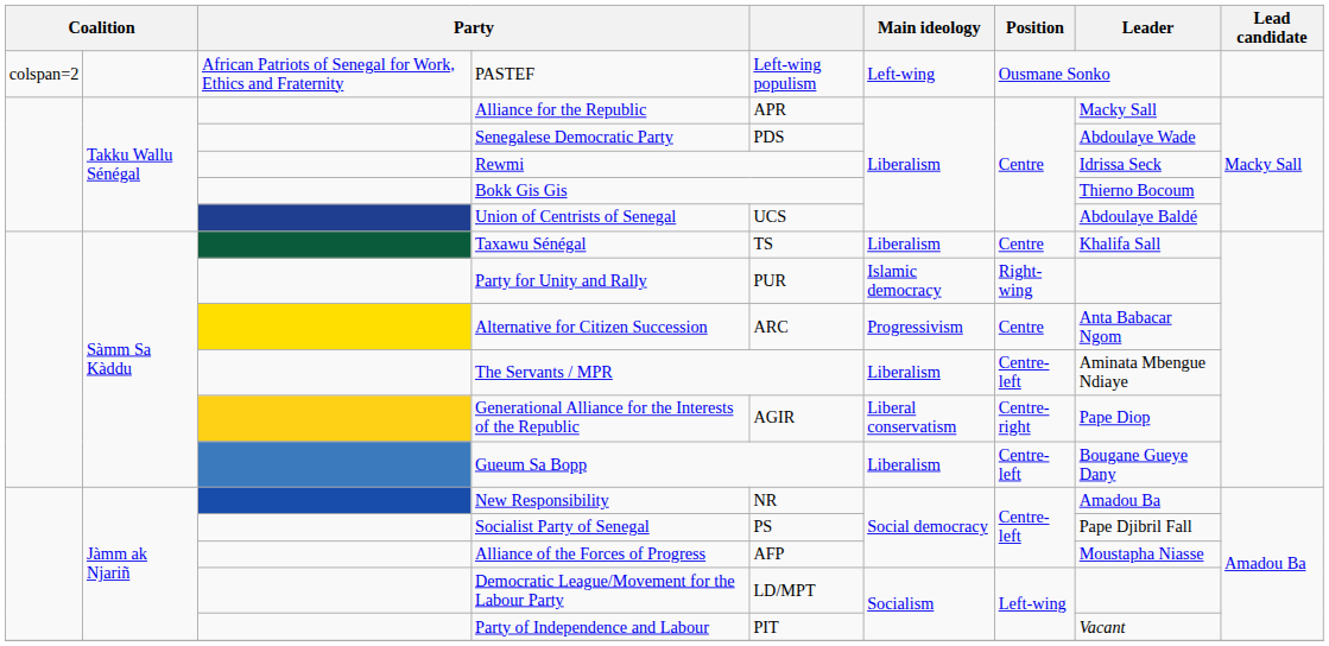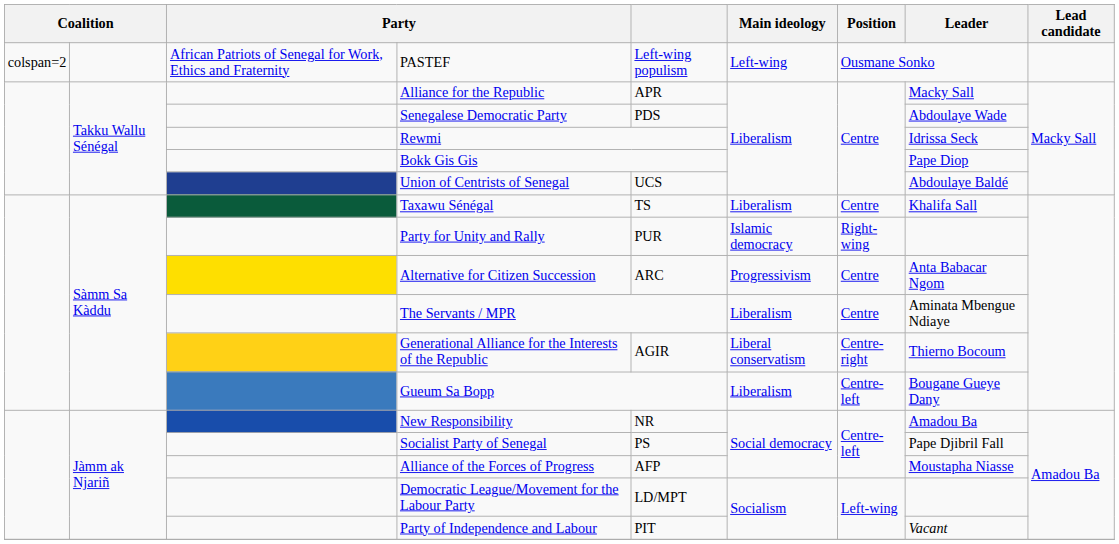 <table class="wikitable">
 <tr>
 <th colspan=2>Coalition</th>
 <th colspan=2>Party</th>
 <th></th>
 <th>Main ideology</th>
 <th>Position</th>
 <th>Leader</th>
 <th>Lead candidate</th>
 </tr>
 <tr>
 <td>colspan=2 </td>
 <td style="background:"></td>
 <td><a href='#'>African Patriots of Senegal for Work, Ethics and Fraternity</a></td>
 <td>PASTEF</td>
 <td><a href='#'>Left-wing populism</a></td>
 <td><a href='#'>Left-wing</a></td>
 <td colspan=2><a href='#'>Ousmane Sonko</a></td>
 </tr>
 <tr>
 <td rowspan=5 style="background:"></td>
 <td rowspan=5><a href='#'>Takku Wallu Sénégal</a><br></td>
 <td style="background:"></td>
 <td><a href='#'>Alliance for the Republic</a></td>
 <td>APR</td>
 <td rowspan=5><a href='#'>Liberalism</a></td>
 <td rowspan=5><a href='#'>Centre</a></td>
 <td><a href='#'>Macky Sall</a></td>
 <td rowspan=5><a href='#'>Macky Sall</a></td>
 </tr>
 <tr>
 <td style="background:"></td>
 <td><a href='#'>Senegalese Democratic Party</a></td>
 <td>PDS</td>
 <td><a href='#'>Abdoulaye Wade</a></td>
 </tr>
 <tr>
 <td style="background:"></td>
 <td colspan=2><a href='#'>Rewmi</a></td>
 <td><a href='#'>Idrissa Seck</a></td>
 </tr>
 <tr>
 <td style="background:"></td>
 <td colspan=2><a href='#'>Bokk Gis Gis</a></td>
-<td><a href='#'>Thierno Bocoum</a></td>
+<td><a href='#'>Pape Diop</a></td>
 </tr>
 <tr>
 <td style="background:#1F3E90;"></td>
 <td><a href='#'>Union of Centrists of Senegal</a></td>
 <td>UCS</td>
 <td><a href='#'>Abdoulaye Baldé</a></td>
 </tr>
 <tr>
 <td rowspan=6 style="background:"></td>
 <td rowspan=6><a href='#'>Sàmm Sa Kàddu</a><br></td>
 <td style="background:#0A5B3B;"></td>
 <td><a href='#'>Taxawu Sénégal</a></td>
 <td>TS</td>
 <td><a href='#'>Liberalism</a></td>
 <td><a href='#'>Centre</a></td>
 <td><a href='#'>Khalifa Sall</a></td>
 <td rowspan=6></td>
 </tr>
 <tr>
 <td style="background:"></td>
 <td><a href='#'>Party for Unity and Rally</a></td>
 <td>PUR</td>
 <td><a href='#'>Islamic democracy</a></td>
 <td><a href='#'>Right-wing</a></td>
 <td></td>
 </tr>
 <tr>
 <td style="background:#FEDF00;"></td>
 <td><a href='#'>Alternative for Citizen Succession</a></td>
 <td>ARC</td>
 <td><a href='#'>Progressivism</a></td>
 <td><a href='#'>Centre</a></td>
 <td><a href='#'>Anta Babacar Ngom</a></td>
 </tr>
 <tr>
 <td style="background:"></td>
 <td colspan=2><a href='#'>The Servants / MPR</a></td>
 <td><a href='#'>Liberalism</a></td>
-<td><a href='#'>Centre-left</a></td>
+<td><a href='#'>Centre</a></td>
 <td>Aminata Mbengue Ndiaye</td>
 </tr>
 <tr>
 <td style="background:#FFD116;"></td>
 <td><a href='#'>Generational Alliance for the Interests of the Republic</a></td>
 <td>AGIR</td>
 <td><a href='#'>Liberal conservatism</a></td>
 <td><a href='#'>Centre-right</a></td>
-<td><a href='#'>Pape Diop</a></td>
+<td><a href='#'>Thierno Bocoum</a></td>
 </tr>
 <tr>
 <td style="background:#3A7ABD;"></td>
 <td colspan=2><a href='#'>Gueum Sa Bopp</a></td>
 <td><a href='#'>Liberalism</a></td>
 <td><a href='#'>Centre-left</a></td>
 <td><a href='#'>Bougane Gueye Dany</a></td>
 </tr>
 <tr>
 <td rowspan=5 style="background:"></td>
 <td rowspan=5><a href='#'>Jàmm ak Njariñ</a><br></td>
 <td style="background:#184DAB;"></td>
 <td><a href='#'>New Responsibility</a></td>
 <td>NR</td>
 <td rowspan=3><a href='#'>Social democracy</a></td>
 <td rowspan=3><a href='#'>Centre-left</a></td>
 <td><a href='#'>Amadou Ba</a></td>
 <td rowspan=5><a href='#'>Amadou Ba</a></td>
 </tr>
 <tr>
 <td style="background:"></td>
 <td><a href='#'>Socialist Party of Senegal</a></td>
 <td>PS</td>
 <td>Pape Djibril Fall</td>
 </tr>
 <tr>
 <td style="background:"></td>
 <td><a href='#'>Alliance of the Forces of Progress</a></td>
 <td>AFP</td>
 <td><a href='#'>Moustapha Niasse</a></td>
 </tr>
 <tr>
 <td style="background:"></td>
 <td><a href='#'>Democratic League/Movement for the Labour Party</a></td>
 <td>LD/MPT</td>
 <td rowspan=2><a href='#'>Socialism</a></td>
 <td rowspan=2><a href='#'>Left-wing</a></td>
 <td></td>
 </tr>
 <tr>
 <td style="background:"></td>
 <td><a href='#'>Party of Independence and Labour</a></td>
 <td>PIT</td>
 <td><em>Vacant</em></td>
 </tr>
 <tr>
 </tr>
 </table>
